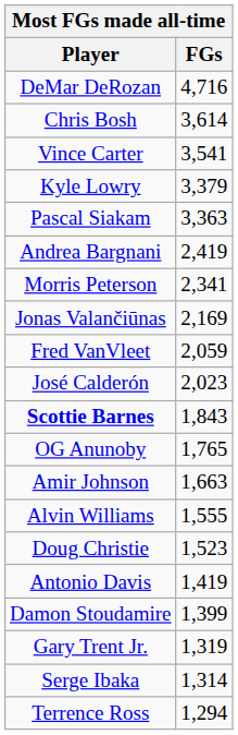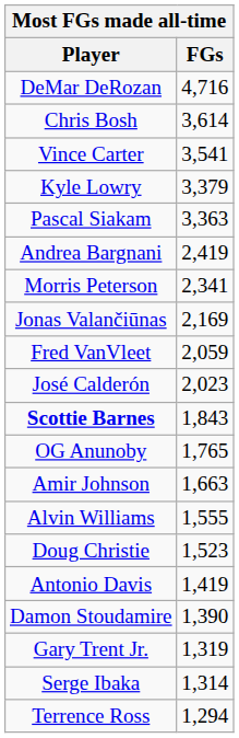 <table class="wikitable sortable" style="text-align:center">
 <tr>
 <th colspan="2">Most FGs made all-time</th>
 </tr>
 <tr>
 <th>Player</th>
 <th>FGs</th>
 </tr>
 <tr>
 <td><a href='#'>DeMar DeRozan</a></td>
 <td>4,716</td>
 </tr>
 <tr>
 <td><a href='#'>Chris Bosh</a></td>
 <td>3,614</td>
 </tr>
 <tr>
 <td><a href='#'>Vince Carter</a></td>
 <td>3,541</td>
 </tr>
 <tr>
 <td><a href='#'>Kyle Lowry</a></td>
 <td>3,379</td>
 </tr>
 <tr>
 <td><a href='#'>Pascal Siakam</a></td>
 <td>3,363</td>
 </tr>
 <tr>
 <td><a href='#'>Andrea Bargnani</a></td>
 <td>2,419</td>
 </tr>
 <tr>
 <td><a href='#'>Morris Peterson</a></td>
 <td>2,341</td>
 </tr>
 <tr>
 <td><a href='#'>Jonas Valančiūnas</a></td>
 <td>2,169</td>
 </tr>
 <tr>
 <td><a href='#'>Fred VanVleet</a></td>
 <td>2,059</td>
 </tr>
 <tr>
 <td><a href='#'>José Calderón</a></td>
 <td>2,023</td>
 </tr>
 <tr>
 <td><strong><a href='#'>Scottie Barnes</a></strong></td>
 <td>1,843</td>
 </tr>
 <tr>
 <td><a href='#'>OG Anunoby</a></td>
 <td>1,765</td>
 </tr>
 <tr>
 <td><a href='#'>Amir Johnson</a></td>
 <td>1,663</td>
 </tr>
 <tr>
 <td><a href='#'>Alvin Williams</a></td>
 <td>1,555</td>
 </tr>
 <tr>
 <td><a href='#'>Doug Christie</a></td>
 <td>1,523</td>
 </tr>
 <tr>
 <td><a href='#'>Antonio Davis</a></td>
 <td>1,419</td>
 </tr>
 <tr>
 <td><a href='#'>Damon Stoudamire</a></td>
-<td>1,399</td>
+<td>1,390</td>
 </tr>
 <tr>
 <td><a href='#'>Gary Trent Jr.</a></td>
 <td>1,319</td>
 </tr>
 <tr>
 <td><a href='#'>Serge Ibaka</a></td>
 <td>1,314</td>
 </tr>
 <tr>
 <td><a href='#'>Terrence Ross</a></td>
 <td>1,294</td>
 </tr>
 </table>
